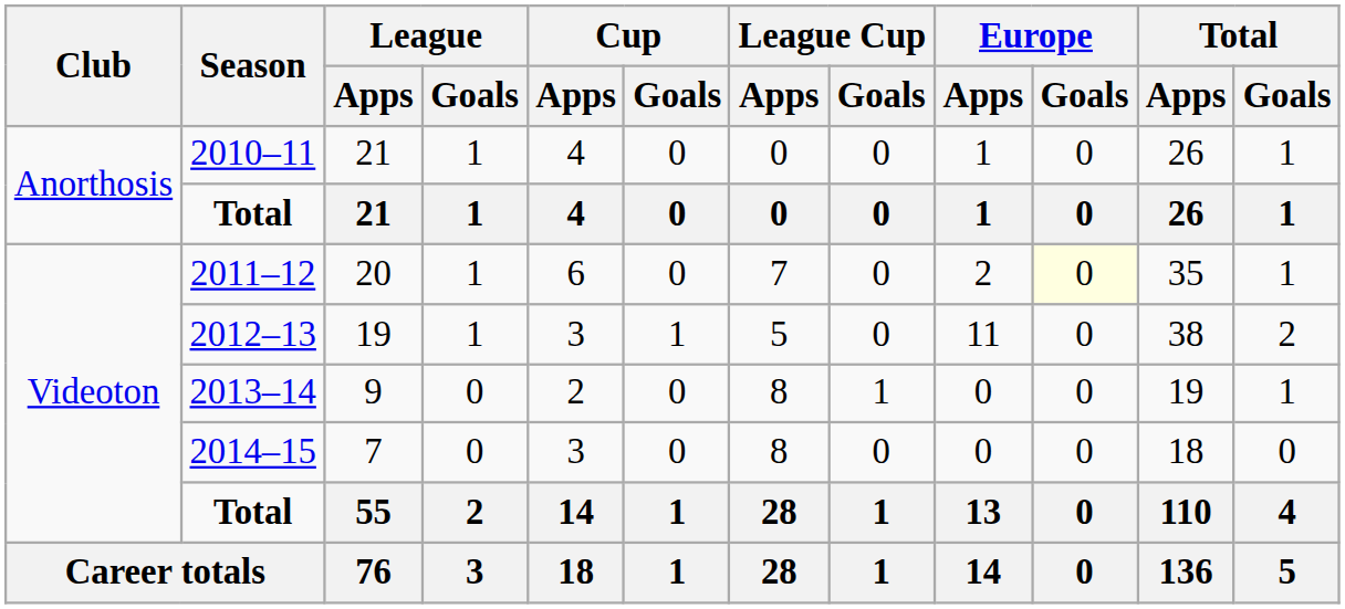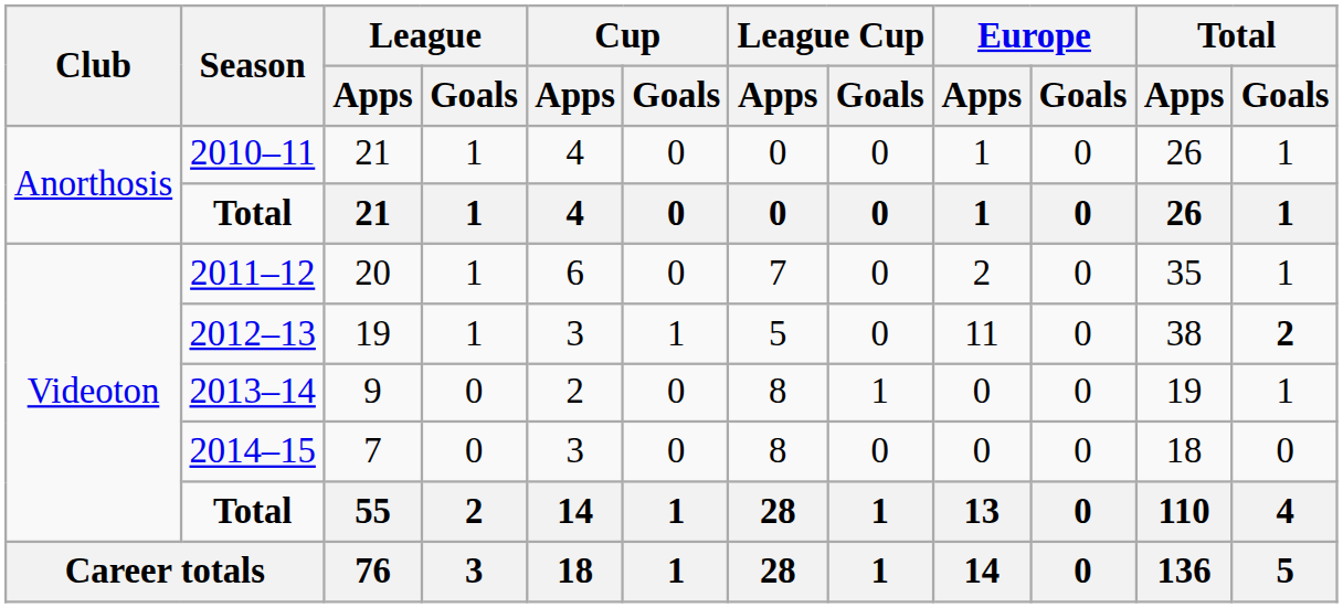 <table class="wikitable" style="font-size:90%; text-align: center;">
 <tr>
 <th rowspan="2">Club</th>
 <th rowspan="2">Season</th>
 <th colspan="2">League</th>
 <th colspan="2">Cup</th>
 <th colspan="2">League Cup</th>
 <th colspan="2"><a href='#'>Europe</a></th>
 <th colspan="2">Total</th>
 </tr>
 <tr>
 <th>Apps</th>
 <th>Goals</th>
 <th>Apps</th>
 <th>Goals</th>
 <th>Apps</th>
 <th>Goals</th>
 <th>Apps</th>
 <th>Goals</th>
 <th>Apps</th>
 <th>Goals</th>
 </tr>
 <tr>
 <td rowspan="2" align=center valign=center><a href='#'>Anorthosis</a></td>
 <td !colspan="2"><a href='#'>2010–11</a></td>
 <td>21</td>
 <td>1</td>
 <td>4</td>
 <td>0</td>
 <td>0</td>
 <td>0</td>
 <td>1</td>
 <td>0</td>
 <td>26</td>
 <td>1</td>
 </tr>
 <tr>
 <td !colspan="2"><strong>Total</strong></td>
 <th>21</th>
 <th>1</th>
 <th>4</th>
 <th>0</th>
 <th>0</th>
 <th>0</th>
 <th>1</th>
 <th>0</th>
 <th>26</th>
 <th>1</th>
 </tr>
 <tr>
 <td rowspan="5" align=center valign=center><a href='#'>Videoton</a></td>
 <td !colspan="2"><a href='#'>2011–12</a></td>
 <td>20</td>
 <td>1</td>
 <td>6</td>
 <td>0</td>
 <td>7</td>
 <td>0</td>
 <td>2</td>
-<td style="background: lightyellow;">0</td>
+<td>0</td>
 <td>35</td>
 <td>1</td>
 </tr>
 <tr>
 <td !colspan="2"><a href='#'>2012–13</a></td>
 <td>19</td>
 <td>1</td>
 <td>3</td>
 <td>1</td>
 <td>5</td>
 <td>0</td>
 <td>11</td>
 <td>0</td>
 <td>38</td>
-<td>2</td>
+<td><strong>2</strong></td>
 </tr>
 <tr>
 <td !colspan="2"><a href='#'>2013–14</a></td>
 <td>9</td>
 <td>0</td>
 <td>2</td>
 <td>0</td>
 <td>8</td>
 <td>1</td>
 <td>0</td>
 <td>0</td>
 <td>19</td>
 <td>1</td>
 </tr>
 <tr>
 <td !colspan="2"><a href='#'>2014–15</a></td>
 <td>7</td>
 <td>0</td>
 <td>3</td>
 <td>0</td>
 <td>8</td>
 <td>0</td>
 <td>0</td>
 <td>0</td>
 <td>18</td>
 <td>0</td>
 </tr>
 <tr>
 <td !colspan="2"><strong>Total</strong></td>
 <th>55</th>
 <th>2</th>
 <th>14</th>
 <th>1</th>
 <th>28</th>
 <th>1</th>
 <th>13</th>
 <th>0</th>
 <th>110</th>
 <th>4</th>
 </tr>
 <tr>
 <th colspan="2">Career totals</th>
 <th>76</th>
 <th>3</th>
 <th>18</th>
 <th>1</th>
 <th>28</th>
 <th>1</th>
 <th>14</th>
 <th>0</th>
 <th>136</th>
 <th>5</th>
 </tr>
 </table>
